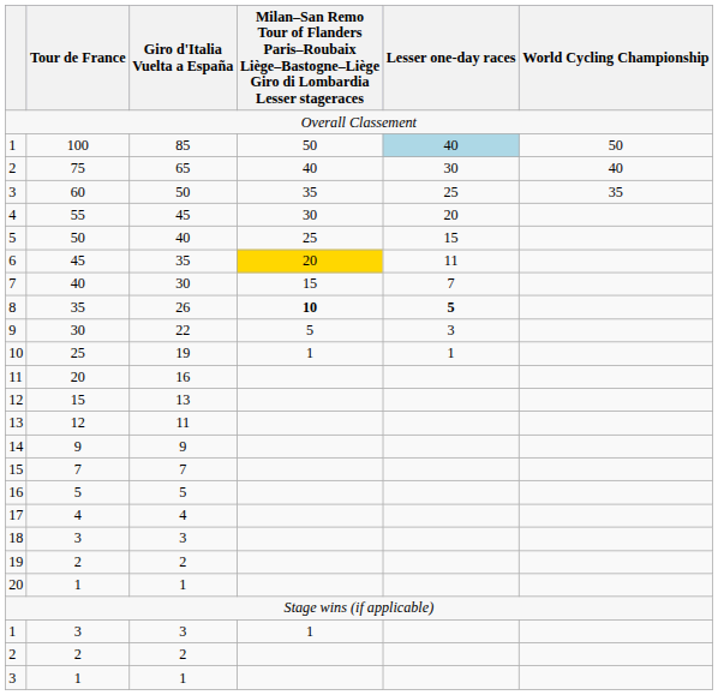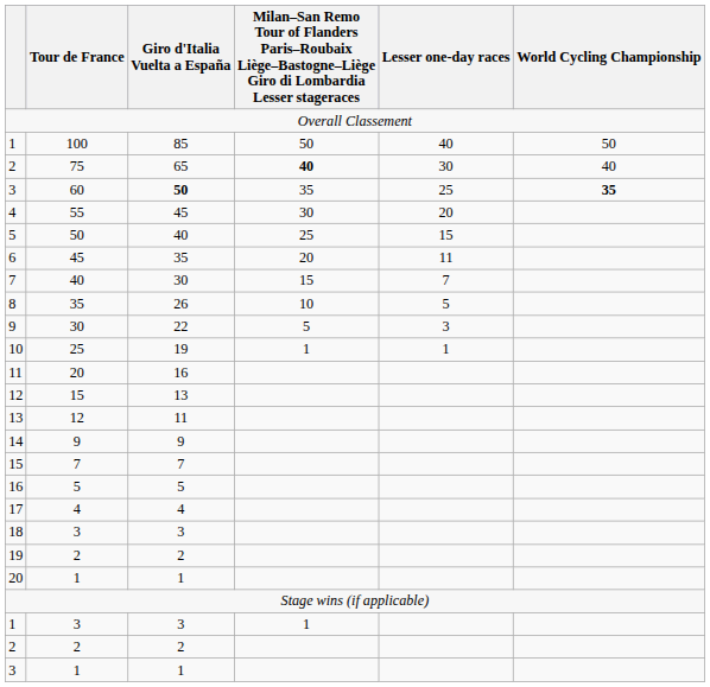 <table class="wikitable">
 <tr style="background:#ccccff;">
 <th></th>
 <th>Tour de France</th>
 <th>Giro d'Italia<br>Vuelta a España</th>
 <th>Milan–San Remo<br>Tour of Flanders<br>Paris–Roubaix<br>Liège–Bastogne–Liège<br>Giro di Lombardia<br>Lesser stageraces</th>
 <th>Lesser one-day races</th>
 <th>World Cycling Championship</th>
 </tr>
 <tr>
 <td colspan=6 bgcolor=#f7f7f7 align=center><em>Overall Classement</em></td>
 </tr>
 <tr>
 <td>1</td>
 <td align=center>100</td>
 <td align=center>85</td>
 <td align=center>50</td>
-<td align=center style="background: lightblue;">40</td>
+<td align=center>40</td>
 <td align=center>50</td>
 </tr>
 <tr>
 <td>2</td>
 <td align=center>75</td>
 <td align=center>65</td>
-<td align=center>40</td>
+<td align=center><strong>40</strong></td>
 <td align=center>30</td>
 <td align=center>40</td>
 </tr>
 <tr>
 <td>3</td>
 <td align=center>60</td>
-<td align=center>50</td>
+<td align=center><strong>50</strong></td>
 <td align=center>35</td>
 <td align=center>25</td>
-<td align=center>35</td>
+<td align=center><strong>35</strong></td>
 </tr>
 <tr>
 <td>4</td>
 <td align=center>55</td>
 <td align=center>45</td>
 <td align=center>30</td>
 <td align=center>20</td>
 <td></td>
 </tr>
 <tr>
 <td>5</td>
 <td align=center>50</td>
 <td align=center>40</td>
 <td align=center>25</td>
 <td align=center>15</td>
 <td></td>
 </tr>
 <tr>
 <td>6</td>
 <td align=center>45</td>
 <td align=center>35</td>
-<td align=center style="background: gold;">20</td>
+<td align=center>20</td>
 <td align=center>11</td>
 <td></td>
 </tr>
 <tr>
 <td>7</td>
 <td align=center>40</td>
 <td align=center>30</td>
 <td align=center>15</td>
 <td align=center>7</td>
 <td></td>
 </tr>
 <tr>
 <td>8</td>
 <td align=center>35</td>
 <td align=center>26</td>
-<td align=center><strong>10</strong></td>
-<td align=center><strong>5</strong></td>
+<td align=center>10</td>
+<td align=center>5</td>
 <td></td>
 </tr>
 <tr>
 <td>9</td>
 <td align=center>30</td>
 <td align=center>22</td>
 <td align=center>5</td>
 <td align=center>3</td>
 <td></td>
 </tr>
 <tr>
 <td>10</td>
 <td align=center>25</td>
 <td align=center>19</td>
 <td align=center>1</td>
 <td align=center>1</td>
 <td></td>
 </tr>
 <tr>
 <td>11</td>
 <td align=center>20</td>
 <td align=center>16</td>
 <td></td>
 <td></td>
 <td></td>
 </tr>
 <tr>
 <td>12</td>
 <td align=center>15</td>
 <td align=center>13</td>
 <td></td>
 <td></td>
 <td></td>
 </tr>
 <tr>
 <td>13</td>
 <td align=center>12</td>
 <td align=center>11</td>
 <td></td>
 <td></td>
 <td></td>
 </tr>
 <tr>
 <td>14</td>
 <td align=center>9</td>
 <td align=center>9</td>
 <td></td>
 <td></td>
 <td></td>
 </tr>
 <tr>
 <td>15</td>
 <td align=center>7</td>
 <td align=center>7</td>
 <td></td>
 <td></td>
 <td></td>
 </tr>
 <tr>
 <td>16</td>
 <td align=center>5</td>
 <td align=center>5</td>
 <td></td>
 <td></td>
 <td></td>
 </tr>
 <tr>
 <td>17</td>
 <td align=center>4</td>
 <td align=center>4</td>
 <td></td>
 <td></td>
 <td></td>
 </tr>
 <tr>
 <td>18</td>
 <td align=center>3</td>
 <td align=center>3</td>
 <td></td>
 <td></td>
 <td></td>
 </tr>
 <tr>
 <td>19</td>
 <td align=center>2</td>
 <td align=center>2</td>
 <td></td>
 <td></td>
 <td></td>
 </tr>
 <tr>
 <td>20</td>
 <td align=center>1</td>
 <td align=center>1</td>
 <td></td>
 <td></td>
 <td></td>
 </tr>
 <tr>
 <td colspan=6 bgcolor=#f7f7f7 align=center><em>Stage wins (if applicable)</em></td>
 </tr>
 <tr>
 <td>1</td>
 <td align=center>3</td>
 <td align=center>3</td>
 <td align=center>1</td>
 <td></td>
 <td></td>
 </tr>
 <tr>
 <td>2</td>
 <td align=center>2</td>
 <td align=center>2</td>
 <td></td>
 <td></td>
 <td></td>
 </tr>
 <tr>
 <td>3</td>
 <td align=center>1</td>
 <td align=center>1</td>
 <td></td>
 <td></td>
 <td></td>
 </tr>
 </table>
